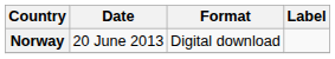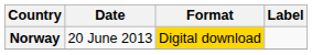 <table class="wikitable plainrowheaders">
 <tr>
 <th scope="col">Country</th>
 <th scope="col">Date</th>
 <th scope="col">Format</th>
 <th scope="col">Label</th>
 </tr>
 <tr>
 <th scope="row">Norway</th>
 <td>20 June 2013</td>
-<td>Digital download</td>
+<td style="background: gold;">Digital download</td>
 <td></td>
 </tr>
 <tr>
 </tr>
 </table>
